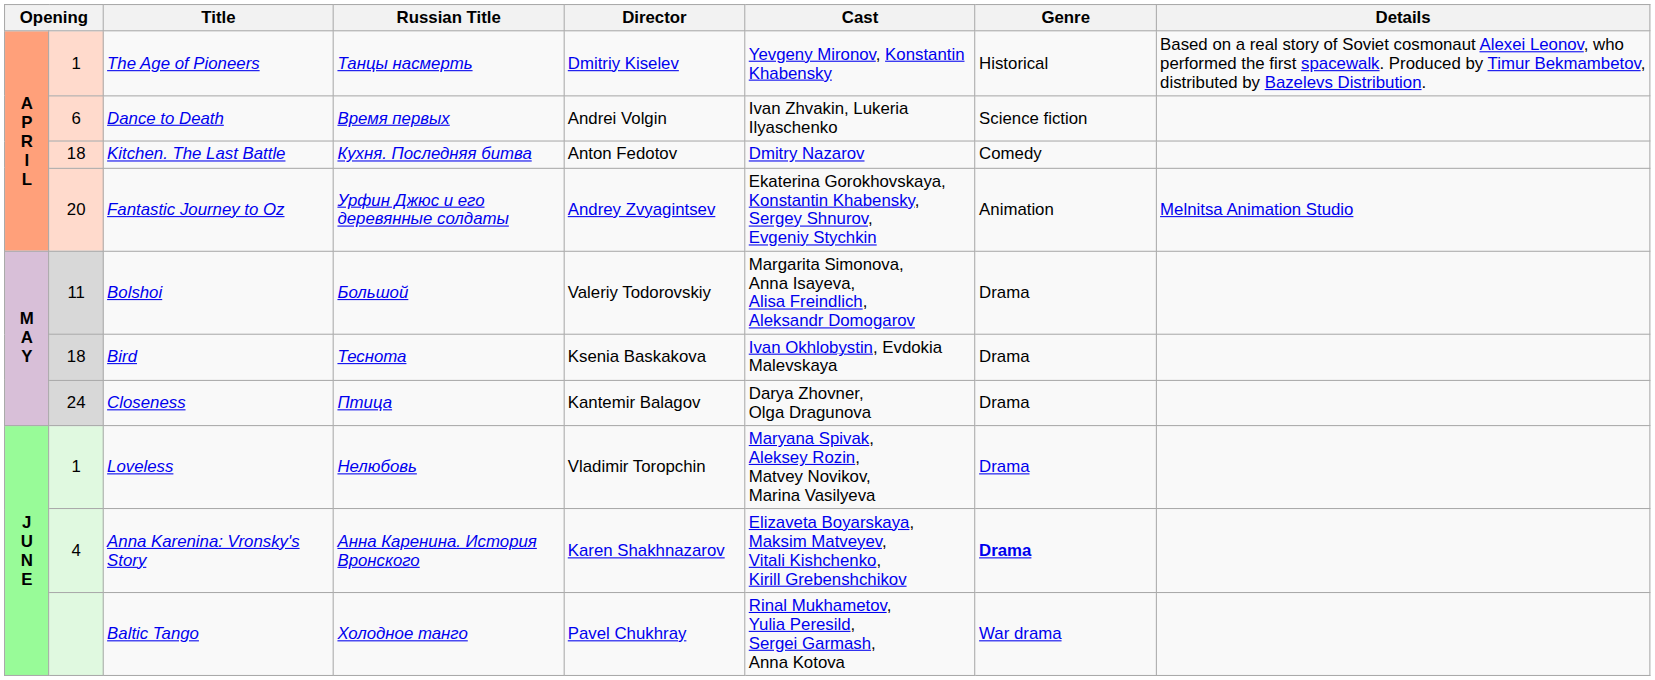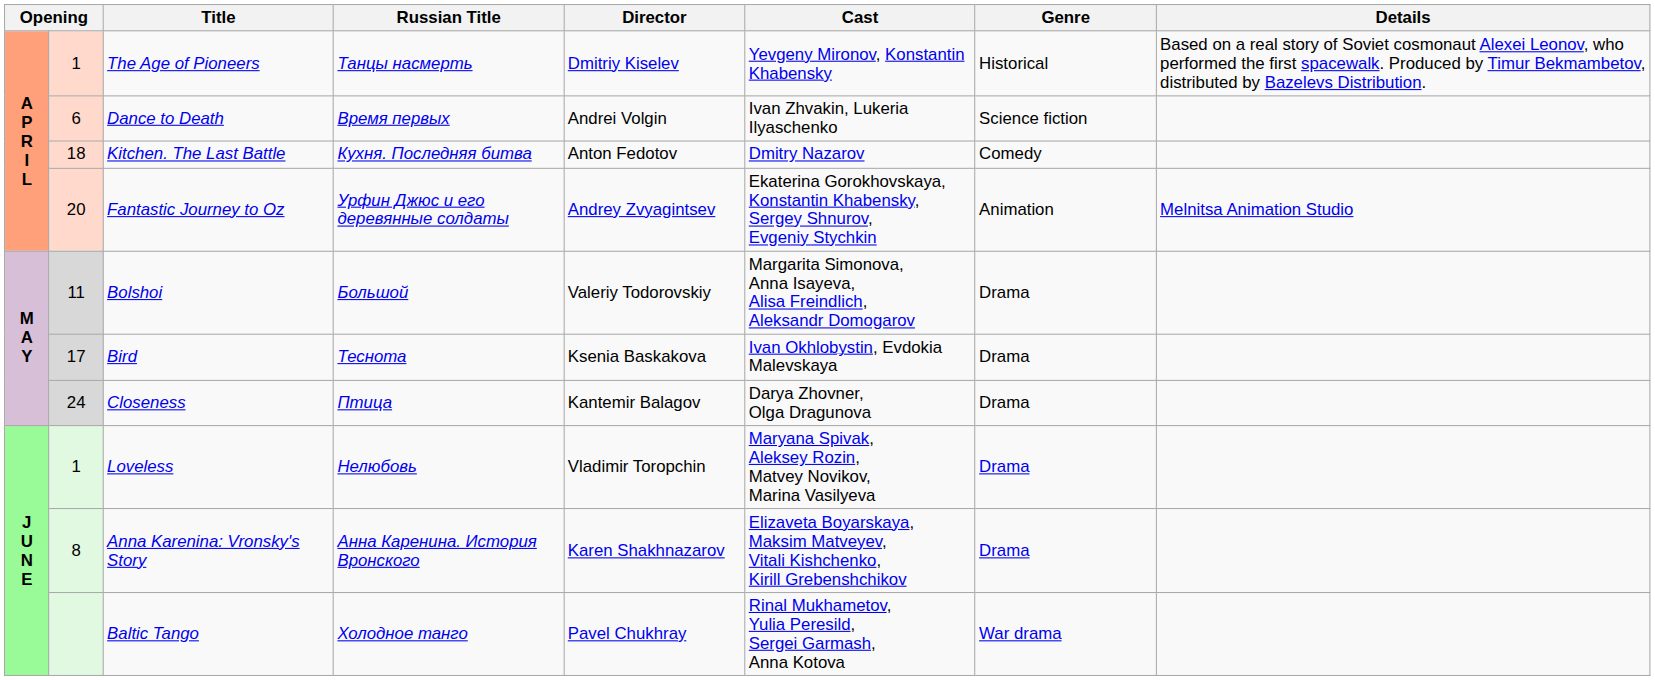 <table class="wikitable">
 <tr>
 <th style="width:6%;" colspan="2">Opening</th>
 <th style="width:14%;">Title</th>
 <th style="width:14%;">Russian Title</th>
 <th style="width:11%;">Director</th>
 <th style="width:14%;">Cast</th>
 <th style="width:11%;">Genre</th>
 <th>Details</th>
 </tr>
 <tr>
 <th rowspan="4" align="center" style="background:#ffa07a; textcolor:#000;">A<br>P<br>R<br>I<br>L</th>
 <td align="center" style="background:#ffdacc;">1</td>
 <td><em><a href='#'>The Age of Pioneers</a></em></td>
 <td><em><a href='#'>Танцы насмерть</a></em></td>
 <td><a href='#'>Dmitriy Kiselev</a></td>
 <td><a href='#'>Yevgeny Mironov</a>, <a href='#'>Konstantin Khabensky</a></td>
 <td>Historical</td>
 <td>Based on a real story of Soviet cosmonaut <a href='#'>Alexei Leonov</a>, who performed the first <a href='#'>spacewalk</a>. Produced by <a href='#'>Timur Bekmambetov</a>, distributed by <a href='#'>Bazelevs Distribution</a>.</td>
 </tr>
 <tr>
 <td align="center" style="background:#ffdacc;">6</td>
 <td><em><a href='#'>Dance to Death</a></em></td>
 <td><em><a href='#'>Время первых</a></em></td>
 <td>Andrei Volgin</td>
 <td>Ivan Zhvakin, Lukeria Ilyaschenko</td>
 <td>Science fiction</td>
 <td></td>
 </tr>
 <tr>
 <td align="center" style="background:#ffdacc;">18</td>
 <td><em><a href='#'>Kitchen. The Last Battle</a></em></td>
 <td><em><a href='#'>Кухня. Последняя битва</a></em></td>
 <td>Anton Fedotov</td>
 <td><a href='#'>Dmitry Nazarov</a></td>
 <td>Comedy</td>
 <td></td>
 </tr>
 <tr>
 <td align="center" style="background:#ffdacc;">20</td>
 <td><em><a href='#'>Fantastic Journey to Oz</a></em></td>
 <td><em><a href='#'>Урфин Джюс и его деревянные солдаты</a></em></td>
 <td><a href='#'>Andrey Zvyagintsev</a></td>
 <td>Ekaterina Gorokhovskaya,<br> <a href='#'>Konstantin Khabensky</a>,<br> <a href='#'>Sergey Shnurov</a>,<br> <a href='#'>Evgeniy Stychkin</a></td>
 <td>Animation</td>
 <td><a href='#'>Melnitsa Animation Studio</a> <br> </td>
 </tr>
 <tr>
 <th rowspan="3" align="center" style="background:thistle; textcolor:#000;">M<br>A<br>Y</th>
 <td align="center" style="background:#d8d8d8;">11</td>
 <td><em><a href='#'>Bolshoi</a></em></td>
 <td><em><a href='#'>Большой</a></em></td>
 <td>Valeriy Todorovskiy</td>
 <td>Margarita Simonova,<br> Anna Isayeva,<br> <a href='#'>Alisa Freindlich</a>,<br> <a href='#'>Aleksandr Domogarov</a></td>
 <td>Drama</td>
 <td></td>
 </tr>
 <tr>
-<td align="center" style="background:#d8d8d8;">18</td>
+<td align="center" style="background:#d8d8d8;">17</td>
 <td><em><a href='#'>Bird</a></em></td>
 <td><em><a href='#'>Теснота</a></em></td>
 <td>Ksenia Baskakova</td>
 <td><a href='#'>Ivan Okhlobystin</a>, Evdokia Malevskaya</td>
 <td>Drama</td>
 <td></td>
 </tr>
 <tr>
 <td align="center" style="background:#d8d8d8;">24</td>
 <td><em><a href='#'>Closeness</a></em></td>
 <td><em><a href='#'>Птица</a></em></td>
 <td>Kantemir Balagov</td>
 <td>Darya Zhovner,<br> Olga Dragunova</td>
 <td>Drama</td>
 <td></td>
 </tr>
 <tr>
 <th rowspan="3" style="text-align:center; background:#98fb98; textcolor:#000;">J<br>U<br>N<br>E</th>
 <td style="text-align:center; background:#e0f9e0;">1</td>
 <td><em><a href='#'>Loveless</a></em></td>
 <td><em><a href='#'>Нелюбовь</a></em></td>
 <td>Vladimir Toropchin</td>
 <td><a href='#'>Maryana Spivak</a>,<br> <a href='#'>Aleksey Rozin</a>,<br> Matvey Novikov,<br> Marina Vasilyeva</td>
 <td><a href='#'>Drama</a></td>
 <td></td>
 </tr>
 <tr>
-<td style="text-align:center; background:#e0f9e0;">4</td>
+<td style="text-align:center; background:#e0f9e0;">8</td>
 <td><em><a href='#'>Anna Karenina: Vronsky's Story</a></em></td>
 <td><em><a href='#'>Анна Каренина. История Вронского</a></em></td>
 <td><a href='#'>Karen Shakhnazarov</a></td>
 <td><a href='#'>Elizaveta Boyarskaya</a>,<br> <a href='#'>Maksim Matveyev</a>,<br> <a href='#'>Vitali Kishchenko</a>,<br> <a href='#'>Kirill Grebenshchikov</a></td>
-<td><strong><a href='#'>Drama</a></strong></td>
+<td><a href='#'>Drama</a></td>
 <td></td>
 </tr>
 <tr>
 <td style="text-align:center; background:#e0f9e0;"></td>
 <td><em><a href='#'>Baltic Tango</a></em></td>
 <td><em><a href='#'>Холодное танго</a></em></td>
 <td><a href='#'>Pavel Chukhray</a></td>
 <td><a href='#'>Rinal Mukhametov</a>,<br> <a href='#'>Yulia Peresild</a>,<br> <a href='#'>Sergei Garmash</a>,<br> Anna Kotova</td>
 <td><a href='#'>War drama</a></td>
 <td></td>
 </tr>
 </table>
